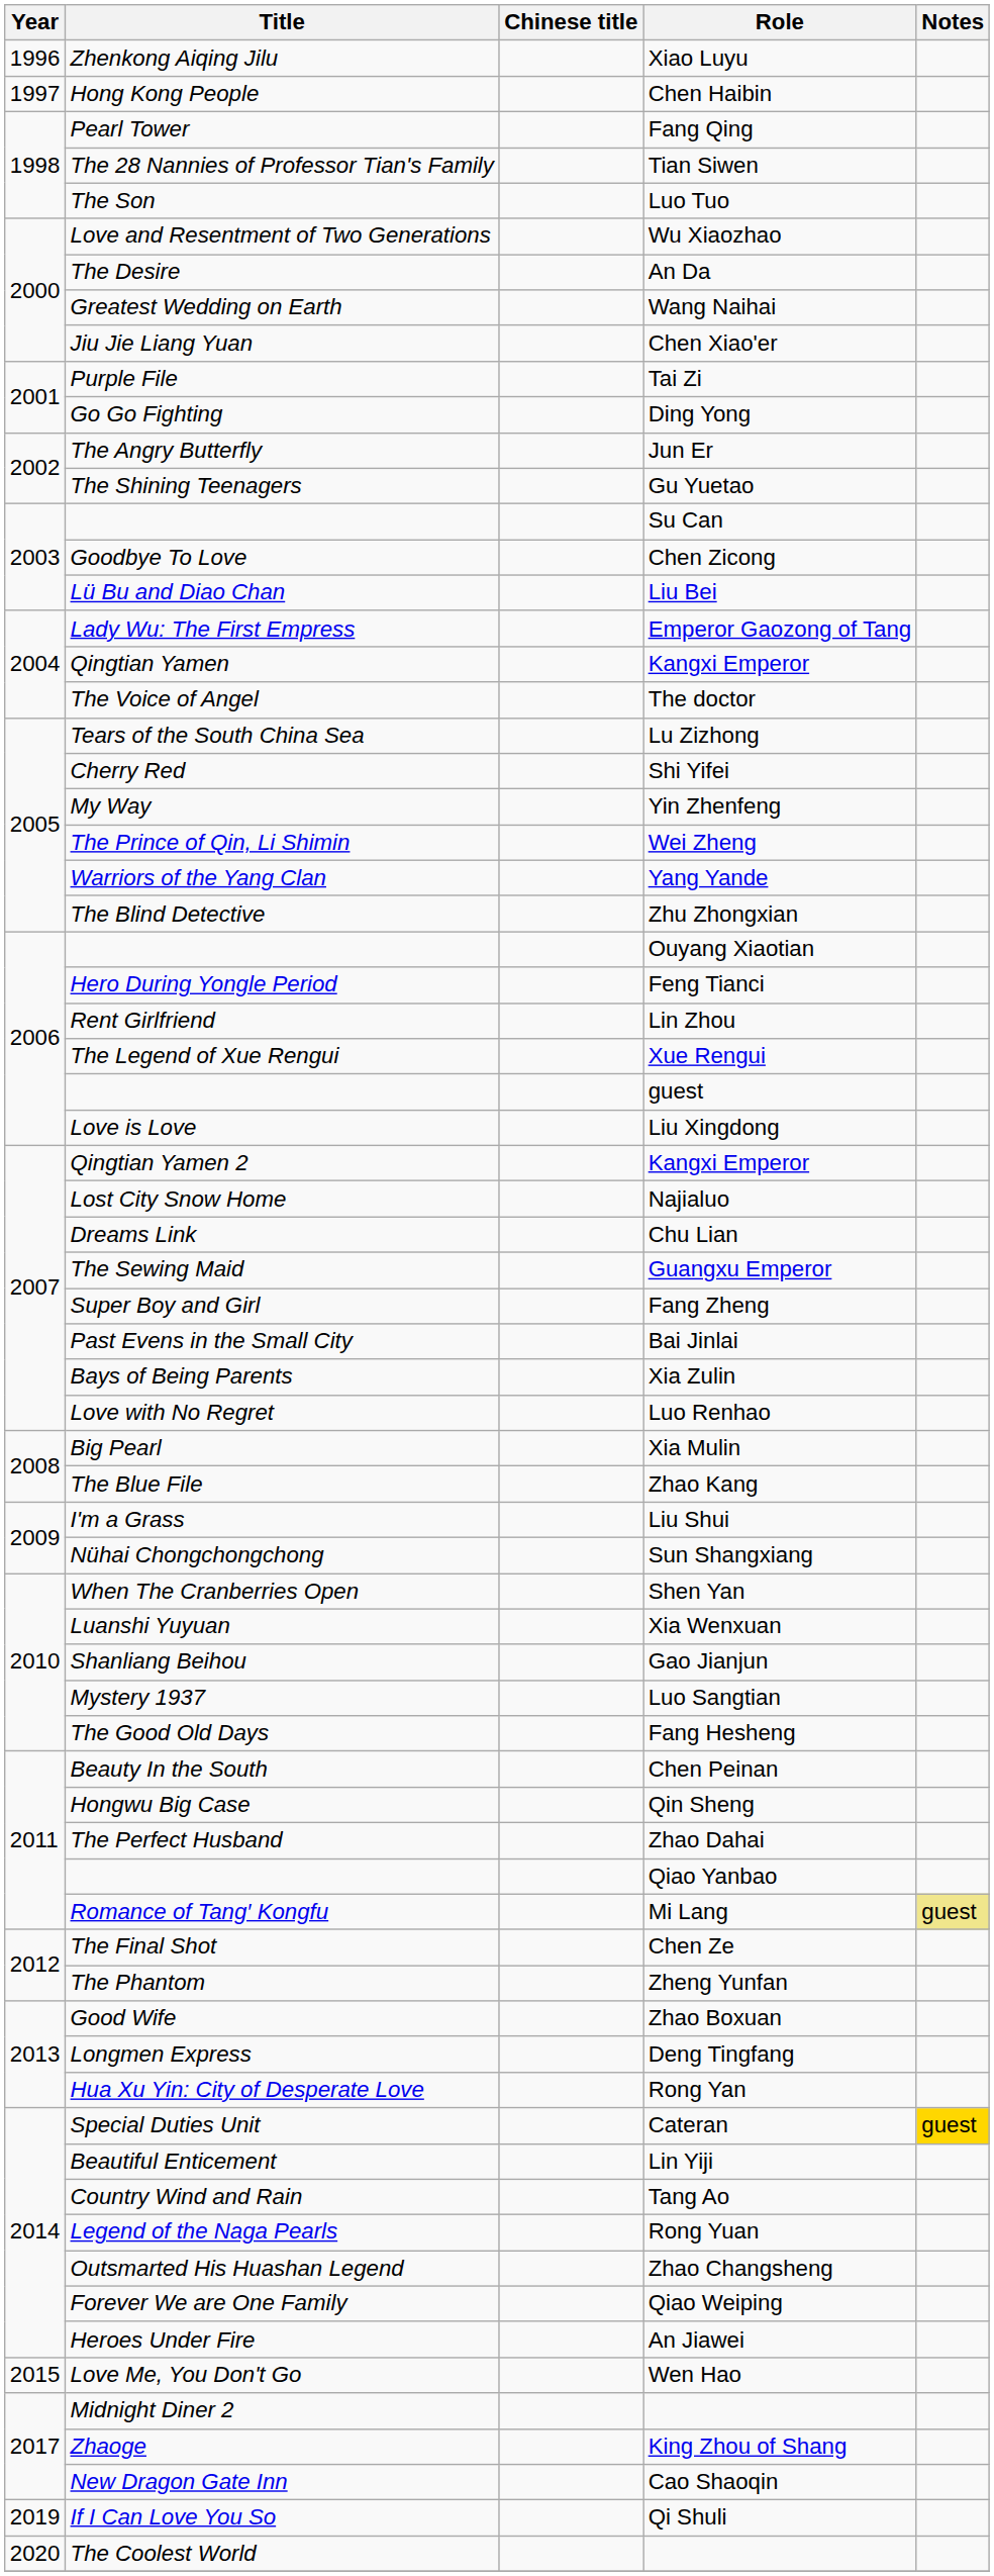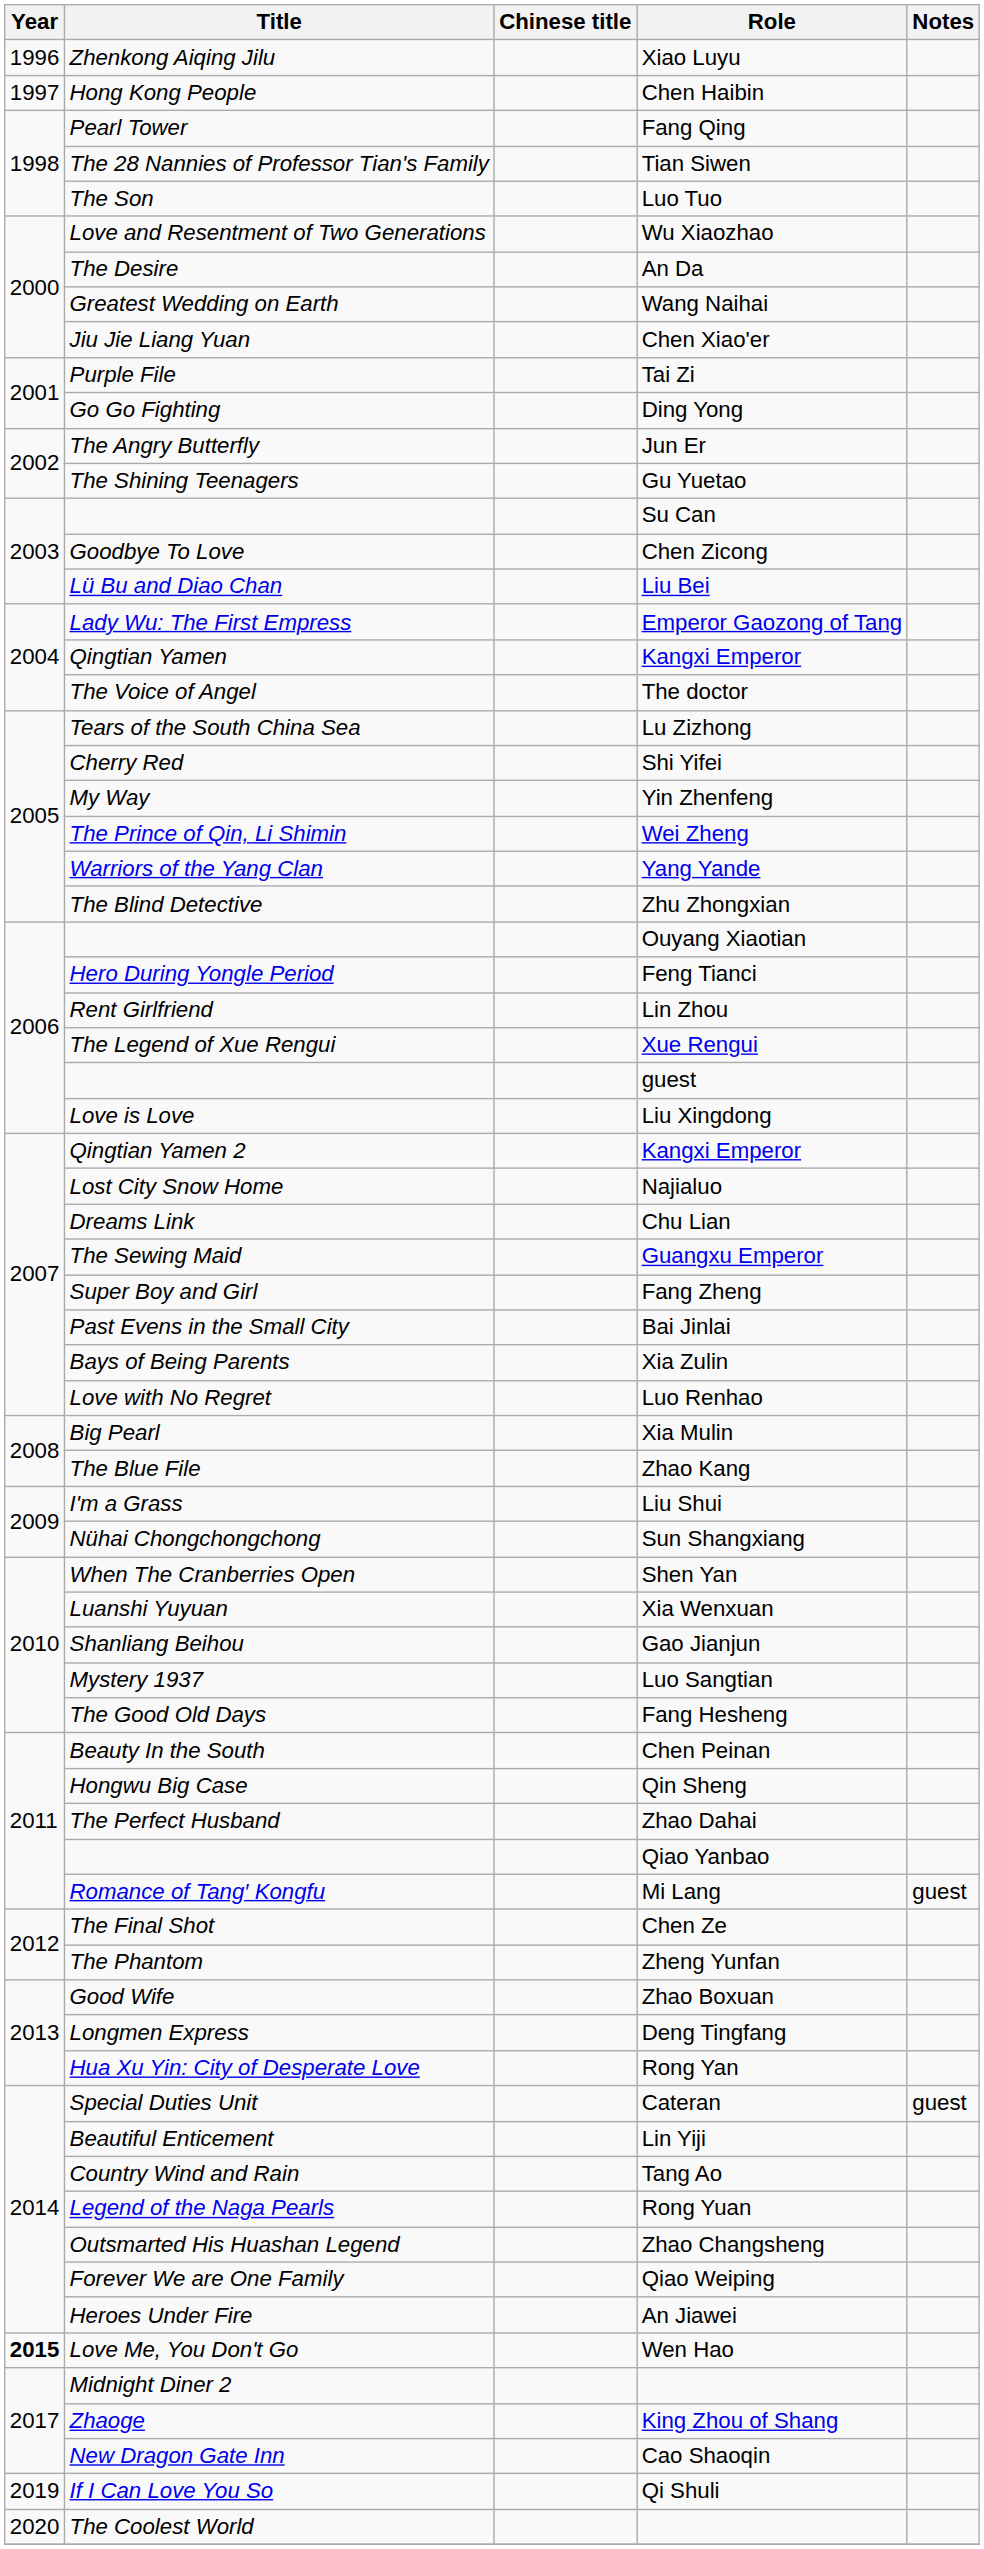 <table class="wikitable">
 <tr>
 <th>Year</th>
 <th>Title</th>
 <th>Chinese title</th>
 <th>Role</th>
 <th>Notes</th>
 </tr>
 <tr>
 <td>1996</td>
 <td><em>Zhenkong Aiqing Jilu</em></td>
 <td></td>
 <td>Xiao Luyu</td>
 <td></td>
 </tr>
 <tr>
 <td>1997</td>
 <td><em>Hong Kong People</em></td>
 <td></td>
 <td>Chen Haibin</td>
 <td></td>
 </tr>
 <tr>
 <td rowspan="3">1998</td>
 <td><em>Pearl Tower</em></td>
 <td></td>
 <td>Fang Qing</td>
 <td></td>
 </tr>
 <tr>
 <td><em>The 28 Nannies of Professor Tian's Family</em></td>
 <td></td>
 <td>Tian Siwen</td>
 <td></td>
 </tr>
 <tr>
 <td><em>The Son</em></td>
 <td></td>
 <td>Luo Tuo</td>
 <td></td>
 </tr>
 <tr>
 <td rowspan="4">2000</td>
 <td><em>Love and Resentment of Two Generations</em></td>
 <td></td>
 <td>Wu Xiaozhao</td>
 <td></td>
 </tr>
 <tr>
 <td><em>The Desire</em></td>
 <td></td>
 <td>An Da</td>
 <td></td>
 </tr>
 <tr>
 <td><em>Greatest Wedding on Earth</em></td>
 <td></td>
 <td>Wang Naihai</td>
 <td></td>
 </tr>
 <tr>
 <td><em>Jiu Jie Liang Yuan</em></td>
 <td></td>
 <td>Chen Xiao'er</td>
 <td></td>
 </tr>
 <tr>
 <td rowspan="2">2001</td>
 <td><em>Purple File</em></td>
 <td></td>
 <td>Tai Zi</td>
 <td></td>
 </tr>
 <tr>
 <td><em>Go Go Fighting</em></td>
 <td></td>
 <td>Ding Yong</td>
 <td></td>
 </tr>
 <tr>
 <td rowspan="2">2002</td>
 <td><em>The Angry Butterfly</em></td>
 <td></td>
 <td>Jun Er</td>
 <td></td>
 </tr>
 <tr>
 <td><em>The Shining Teenagers</em></td>
 <td></td>
 <td>Gu Yuetao</td>
 <td></td>
 </tr>
 <tr>
 <td rowspan="3">2003</td>
 <td></td>
 <td></td>
 <td>Su Can</td>
 <td></td>
 </tr>
 <tr>
 <td><em>Goodbye To Love</em></td>
 <td></td>
 <td>Chen Zicong</td>
 <td></td>
 </tr>
 <tr>
 <td><em><a href='#'>Lü Bu and Diao Chan</a></em></td>
 <td></td>
 <td><a href='#'>Liu Bei</a></td>
 <td></td>
 </tr>
 <tr>
 <td rowspan="3">2004</td>
 <td><em><a href='#'>Lady Wu: The First Empress</a></em></td>
 <td></td>
 <td><a href='#'>Emperor Gaozong of Tang</a></td>
 <td></td>
 </tr>
 <tr>
 <td><em>Qingtian Yamen</em></td>
 <td></td>
 <td><a href='#'>Kangxi Emperor</a></td>
 <td></td>
 </tr>
 <tr>
 <td><em>The Voice of Angel</em></td>
 <td></td>
 <td>The doctor</td>
 <td></td>
 </tr>
 <tr>
 <td rowspan="6">2005</td>
 <td><em>Tears of the South China Sea</em></td>
 <td></td>
 <td>Lu Zizhong</td>
 <td></td>
 </tr>
 <tr>
 <td><em>Cherry Red</em></td>
 <td></td>
 <td>Shi Yifei</td>
 <td></td>
 </tr>
 <tr>
 <td><em>My Way</em></td>
 <td></td>
 <td>Yin Zhenfeng</td>
 <td></td>
 </tr>
 <tr>
 <td><em><a href='#'>The Prince of Qin, Li Shimin</a></em></td>
 <td></td>
 <td><a href='#'>Wei Zheng</a></td>
 <td></td>
 </tr>
 <tr>
 <td><em><a href='#'>Warriors of the Yang Clan</a></em></td>
 <td></td>
 <td><a href='#'>Yang Yande</a></td>
 <td></td>
 </tr>
 <tr>
 <td><em>The Blind Detective</em></td>
 <td></td>
 <td>Zhu Zhongxian</td>
 <td></td>
 </tr>
 <tr>
 <td rowspan="6">2006</td>
 <td></td>
 <td></td>
 <td>Ouyang Xiaotian</td>
 <td></td>
 </tr>
 <tr>
 <td><em><a href='#'>Hero During Yongle Period</a></em></td>
 <td></td>
 <td>Feng Tianci</td>
 <td></td>
 </tr>
 <tr>
 <td><em>Rent Girlfriend</em></td>
 <td></td>
 <td>Lin Zhou</td>
 <td></td>
 </tr>
 <tr>
 <td><em>The Legend of Xue Rengui</em></td>
 <td></td>
 <td><a href='#'>Xue Rengui</a></td>
 <td></td>
 </tr>
 <tr>
 <td></td>
 <td></td>
 <td>guest</td>
 <td></td>
 </tr>
 <tr>
 <td><em>Love is Love</em></td>
 <td></td>
 <td>Liu Xingdong</td>
 <td></td>
 </tr>
 <tr>
 <td rowspan="8">2007</td>
 <td><em>Qingtian Yamen 2</em></td>
 <td></td>
 <td><a href='#'>Kangxi Emperor</a></td>
 <td></td>
 </tr>
 <tr>
 <td><em>Lost City Snow Home</em></td>
 <td></td>
 <td>Najialuo</td>
 <td></td>
 </tr>
 <tr>
 <td><em>Dreams Link</em></td>
 <td></td>
 <td>Chu Lian</td>
 <td></td>
 </tr>
 <tr>
 <td><em>The Sewing Maid</em></td>
 <td></td>
 <td><a href='#'>Guangxu Emperor</a></td>
 <td></td>
 </tr>
 <tr>
 <td><em>Super Boy and Girl</em></td>
 <td></td>
 <td>Fang Zheng</td>
 <td></td>
 </tr>
 <tr>
 <td><em>Past Evens in the Small City</em></td>
 <td></td>
 <td>Bai Jinlai</td>
 <td></td>
 </tr>
 <tr>
 <td><em>Bays of Being Parents</em></td>
 <td></td>
 <td>Xia Zulin</td>
 <td></td>
 </tr>
 <tr>
 <td><em>Love with No Regret</em></td>
 <td></td>
 <td>Luo Renhao</td>
 <td></td>
 </tr>
 <tr>
 <td rowspan="2">2008</td>
 <td><em>Big Pearl</em></td>
 <td></td>
 <td>Xia Mulin</td>
 <td></td>
 </tr>
 <tr>
 <td><em>The Blue File</em></td>
 <td></td>
 <td>Zhao Kang</td>
 <td></td>
 </tr>
 <tr>
 <td rowspan="2">2009</td>
 <td><em>I'm a Grass</em></td>
 <td></td>
 <td>Liu Shui</td>
 <td></td>
 </tr>
 <tr>
 <td><em>Nühai Chongchongchong</em></td>
 <td></td>
 <td>Sun Shangxiang</td>
 <td></td>
 </tr>
 <tr>
 <td rowspan="5">2010</td>
 <td><em>When The Cranberries Open</em></td>
 <td></td>
 <td>Shen Yan</td>
 <td></td>
 </tr>
 <tr>
 <td><em>Luanshi Yuyuan</em></td>
 <td></td>
 <td>Xia Wenxuan</td>
 <td></td>
 </tr>
 <tr>
 <td><em>Shanliang Beihou</em></td>
 <td></td>
 <td>Gao Jianjun</td>
 <td></td>
 </tr>
 <tr>
 <td><em>Mystery 1937</em></td>
 <td></td>
 <td>Luo Sangtian</td>
 <td></td>
 </tr>
 <tr>
 <td><em>The Good Old Days</em></td>
 <td></td>
 <td>Fang Hesheng</td>
 <td></td>
 </tr>
 <tr>
 <td rowspan="5">2011</td>
 <td><em>Beauty In the South</em></td>
 <td></td>
 <td>Chen Peinan</td>
 <td></td>
 </tr>
 <tr>
 <td><em>Hongwu Big Case</em></td>
 <td></td>
 <td>Qin Sheng</td>
 <td></td>
 </tr>
 <tr>
 <td><em>The Perfect Husband</em></td>
 <td></td>
 <td>Zhao Dahai</td>
 <td></td>
 </tr>
 <tr>
 <td></td>
 <td></td>
 <td>Qiao Yanbao</td>
 <td></td>
 </tr>
 <tr>
 <td><em><a href='#'>Romance of Tang′ Kongfu</a></em></td>
 <td></td>
 <td>Mi Lang</td>
-<td style="background: khaki;">guest</td>
+<td>guest</td>
 </tr>
 <tr>
 <td rowspan="2">2012</td>
 <td><em>The Final Shot</em></td>
 <td></td>
 <td>Chen Ze</td>
 <td></td>
 </tr>
 <tr>
 <td><em>The Phantom</em></td>
 <td></td>
 <td>Zheng Yunfan</td>
 <td></td>
 </tr>
 <tr>
 <td rowspan="3">2013</td>
 <td><em>Good Wife</em></td>
 <td></td>
 <td>Zhao Boxuan</td>
 <td></td>
 </tr>
 <tr>
 <td><em>Longmen Express</em></td>
 <td></td>
 <td>Deng Tingfang</td>
 <td></td>
 </tr>
 <tr>
 <td><em><a href='#'>Hua Xu Yin: City of Desperate Love</a></em></td>
 <td></td>
 <td>Rong Yan</td>
 <td></td>
 </tr>
 <tr>
 <td rowspan="7">2014</td>
 <td><em>Special Duties Unit</em></td>
 <td></td>
 <td>Cateran</td>
-<td style="background: gold;">guest</td>
+<td>guest</td>
 </tr>
 <tr>
 <td><em>Beautiful Enticement</em></td>
 <td></td>
 <td>Lin Yiji</td>
 <td></td>
 </tr>
 <tr>
 <td><em>Country Wind and Rain</em></td>
 <td></td>
 <td>Tang Ao</td>
 <td></td>
 </tr>
 <tr>
 <td><em><a href='#'>Legend of the Naga Pearls</a></em></td>
 <td></td>
 <td>Rong Yuan</td>
 <td></td>
 </tr>
 <tr>
 <td><em>Outsmarted His Huashan Legend</em></td>
 <td></td>
 <td>Zhao Changsheng</td>
 <td></td>
 </tr>
 <tr>
 <td><em>Forever We are One Family</em></td>
 <td></td>
 <td>Qiao Weiping</td>
 <td></td>
 </tr>
 <tr>
 <td><em>Heroes Under Fire</em></td>
 <td></td>
 <td>An Jiawei</td>
 <td></td>
 </tr>
 <tr>
-<td rowspan="1">2015</td>
+<td rowspan="1"><strong>2015</strong></td>
 <td><em>Love Me, You Don't Go</em></td>
 <td></td>
 <td>Wen Hao</td>
 <td></td>
 </tr>
 <tr>
 <td rowspan="3">2017</td>
 <td><em>Midnight Diner 2</em></td>
 <td></td>
 <td></td>
 <td></td>
 </tr>
 <tr>
 <td><em><a href='#'>Zhaoge</a></em></td>
 <td></td>
 <td><a href='#'>King Zhou of Shang</a></td>
 <td></td>
 </tr>
 <tr>
 <td><em><a href='#'>New Dragon Gate Inn</a></em></td>
 <td></td>
 <td>Cao Shaoqin</td>
 <td></td>
 </tr>
 <tr>
 <td>2019</td>
 <td><em><a href='#'>If I Can Love You So</a></em></td>
 <td></td>
 <td>Qi Shuli</td>
 <td></td>
 </tr>
 <tr>
 <td>2020</td>
 <td><em>The Coolest World</em></td>
 <td></td>
 <td></td>
 <td></td>
 </tr>
 <tr>
 </tr>
 </table>
